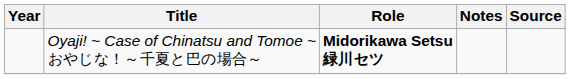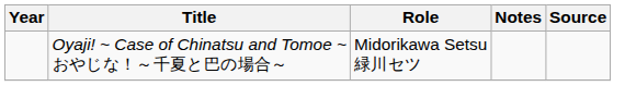 <table class="wikitable sortable plainrowheaders">
 <tr>
 <th>Year</th>
 <th>Title</th>
 <th>Role</th>
 <th class="unsortable">Notes</th>
 <th class="unsortable">Source</th>
 </tr>
 <tr>
 <td></td>
 <td><em>Oyaji! ~ Case of Chinatsu and Tomoe ~</em><br>おやじな！～千夏と巴の場合～</td>
-<td><strong>Midorikawa Setsu<br>緑川セツ</strong></td>
+<td>Midorikawa Setsu<br>緑川セツ</td>
 <td></td>
 <td></td>
 </tr>
 <tr>
 </tr>
 </table>
